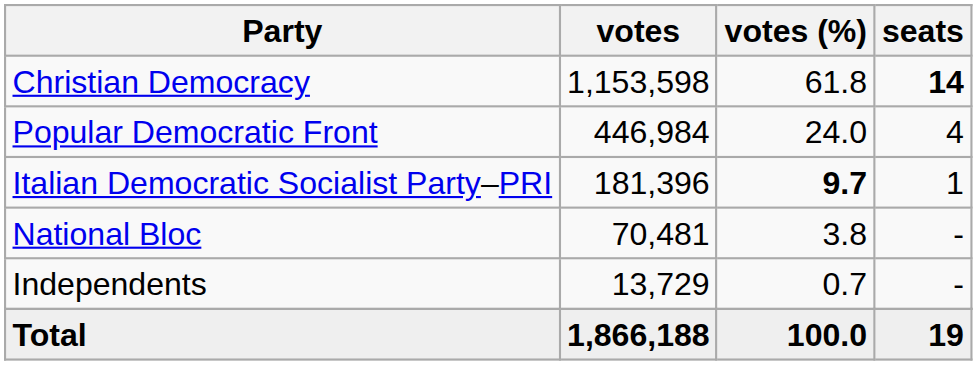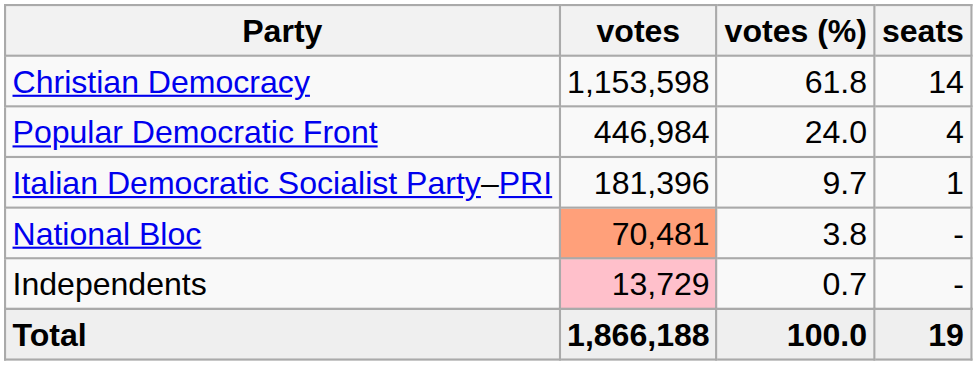 <table class="wikitable" style="font-size:95%">
 <tr bgcolor="EFEFEF">
 <th>Party</th>
 <th>votes</th>
 <th>votes (%)</th>
 <th>seats</th>
 </tr>
 <tr>
 <td><a href='#'>Christian Democracy</a></td>
 <td align=right>1,153,598</td>
 <td align=right>61.8</td>
-<td align=right><strong>14</strong></td>
+<td align=right>14</td>
 </tr>
 <tr>
 <td><a href='#'>Popular Democratic Front</a></td>
 <td align=right>446,984</td>
 <td align=right>24.0</td>
 <td align=right>4</td>
 </tr>
 <tr>
 <td><a href='#'>Italian Democratic Socialist Party</a>–<a href='#'>PRI</a></td>
 <td align=right>181,396</td>
-<td align=right><strong>9.7</strong></td>
+<td align=right>9.7</td>
 <td align=right>1</td>
 </tr>
 <tr>
 <td><a href='#'>National Bloc</a></td>
-<td align=right>70,481</td>
+<td align=right style="background: lightsalmon;">70,481</td>
 <td align=right>3.8</td>
 <td align=right>-</td>
 </tr>
 <tr>
 <td>Independents</td>
-<td align=right>13,729</td>
+<td align=right style="background: pink;">13,729</td>
 <td align=right>0.7</td>
 <td align=right>-</td>
 </tr>
 <tr>
 </tr>
 <tr bgcolor="EFEFEF">
 <td><strong>Total</strong></td>
 <td align=right><strong>1,866,188</strong></td>
 <td align=right><strong>100.0</strong></td>
 <td align=right><strong>19</strong></td>
 </tr>
 </table>
